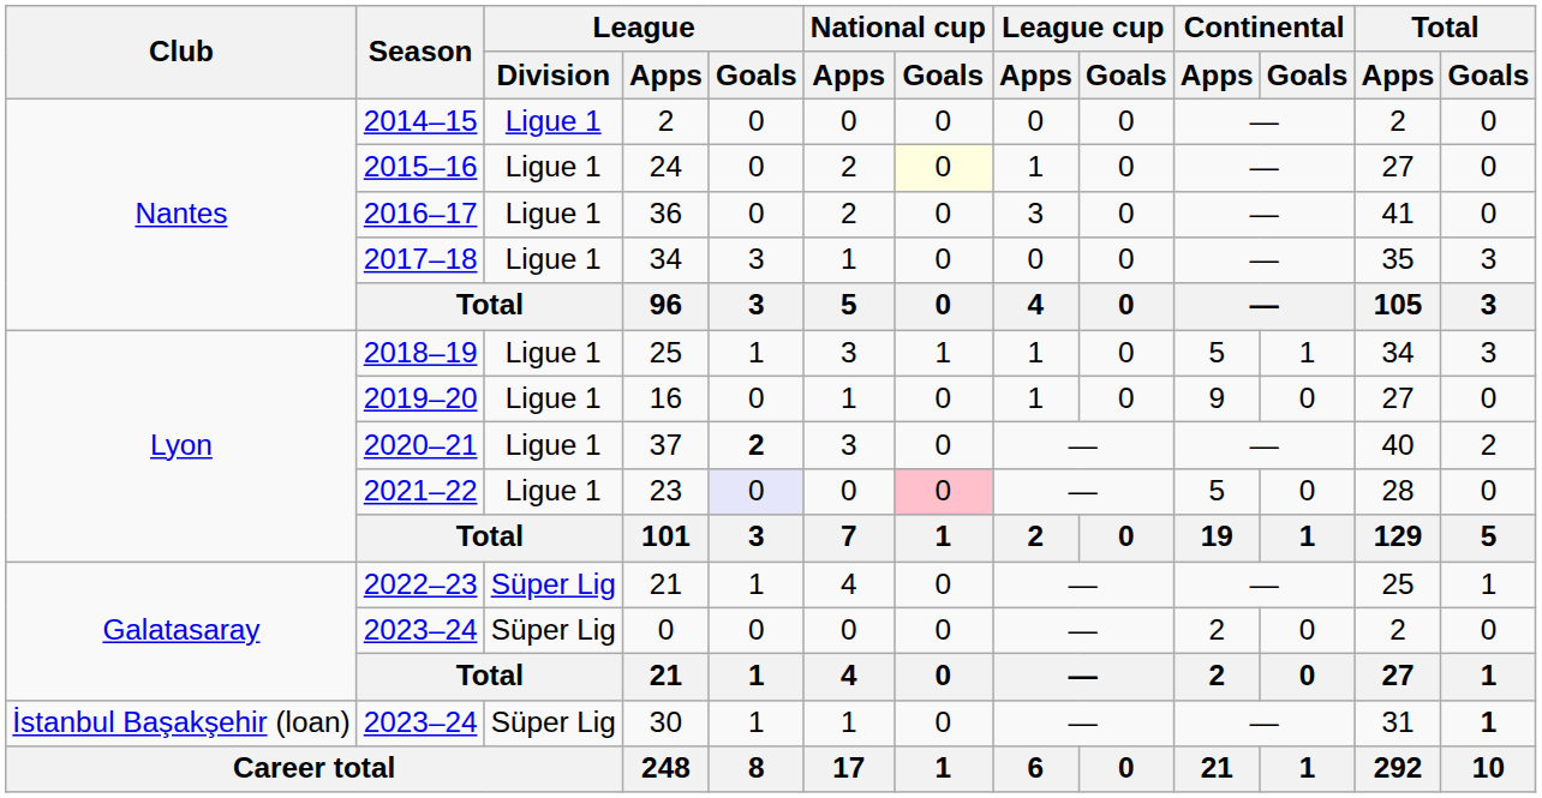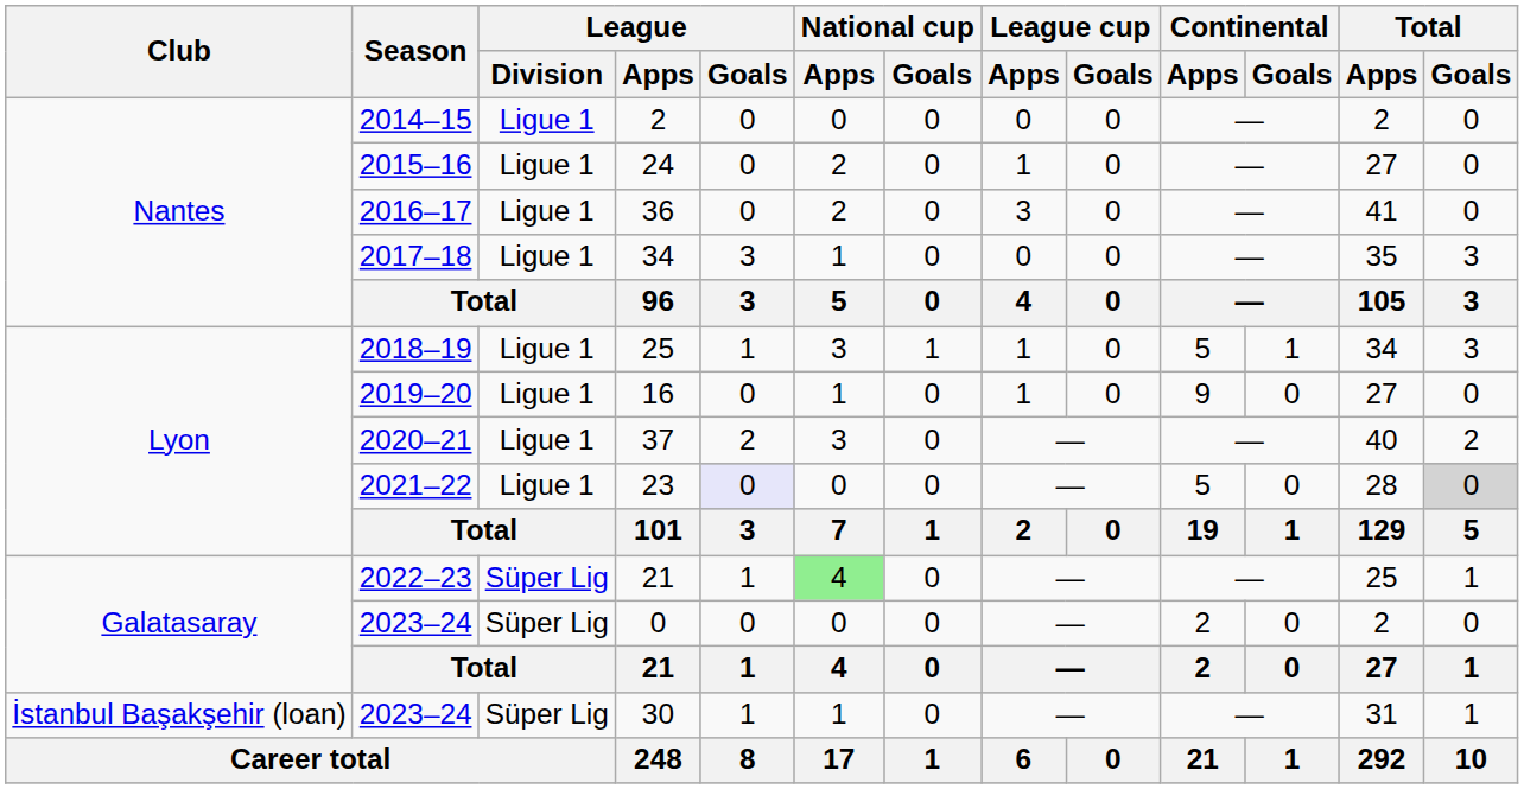 <table class="wikitable" style="text-align:center">
 <tr>
 <th rowspan="2">Club</th>
 <th rowspan="2">Season</th>
 <th colspan="3">League</th>
 <th colspan="2">National cup</th>
 <th colspan="2">League cup</th>
 <th colspan="2">Continental</th>
 <th colspan="2">Total</th>
 </tr>
 <tr>
 <th>Division</th>
 <th>Apps</th>
 <th>Goals</th>
 <th>Apps</th>
 <th>Goals</th>
 <th>Apps</th>
 <th>Goals</th>
 <th>Apps</th>
 <th>Goals</th>
 <th>Apps</th>
 <th>Goals</th>
 </tr>
 <tr>
 <td rowspan="5"><a href='#'>Nantes</a></td>
 <td><a href='#'>2014–15</a></td>
 <td><a href='#'>Ligue 1</a></td>
 <td>2</td>
 <td>0</td>
 <td>0</td>
 <td>0</td>
 <td>0</td>
 <td>0</td>
 <td colspan="2">—</td>
 <td>2</td>
 <td>0</td>
 </tr>
 <tr>
 <td><a href='#'>2015–16</a></td>
 <td>Ligue 1</td>
 <td>24</td>
 <td>0</td>
 <td>2</td>
-<td style="background: lightyellow;">0</td>
+<td>0</td>
 <td>1</td>
 <td>0</td>
 <td colspan="2">—</td>
 <td>27</td>
 <td>0</td>
 </tr>
 <tr>
 <td><a href='#'>2016–17</a></td>
 <td>Ligue 1</td>
 <td>36</td>
 <td>0</td>
 <td>2</td>
 <td>0</td>
 <td>3</td>
 <td>0</td>
 <td colspan="2">—</td>
 <td>41</td>
 <td>0</td>
 </tr>
 <tr>
 <td><a href='#'>2017–18</a></td>
 <td>Ligue 1</td>
 <td>34</td>
 <td>3</td>
 <td>1</td>
 <td>0</td>
 <td>0</td>
 <td>0</td>
 <td colspan="2">—</td>
 <td>35</td>
 <td>3</td>
 </tr>
 <tr>
 <th colspan="2">Total</th>
 <th>96</th>
 <th>3</th>
 <th>5</th>
 <th>0</th>
 <th>4</th>
 <th>0</th>
 <th colspan="2">—</th>
 <th>105</th>
 <th>3</th>
 </tr>
 <tr>
 <td rowspan="5"><a href='#'>Lyon</a></td>
 <td><a href='#'>2018–19</a></td>
 <td>Ligue 1</td>
 <td>25</td>
 <td>1</td>
 <td>3</td>
 <td>1</td>
 <td>1</td>
 <td>0</td>
 <td>5</td>
 <td>1</td>
 <td>34</td>
 <td>3</td>
 </tr>
 <tr>
 <td><a href='#'>2019–20</a></td>
 <td>Ligue 1</td>
 <td>16</td>
 <td>0</td>
 <td>1</td>
 <td>0</td>
 <td>1</td>
 <td>0</td>
 <td>9</td>
 <td>0</td>
 <td>27</td>
 <td>0</td>
 </tr>
 <tr>
 <td><a href='#'>2020–21</a></td>
 <td>Ligue 1</td>
 <td>37</td>
-<td><strong>2</strong></td>
+<td>2</td>
 <td>3</td>
 <td>0</td>
 <td colspan="2">—</td>
 <td colspan="2">—</td>
 <td>40</td>
 <td>2</td>
 </tr>
 <tr>
 <td><a href='#'>2021–22</a></td>
 <td>Ligue 1</td>
 <td>23</td>
 <td style="background: lavender;">0</td>
 <td>0</td>
-<td style="background: pink;">0</td>
+<td>0</td>
 <td colspan="2">—</td>
 <td>5</td>
 <td>0</td>
 <td>28</td>
-<td>0</td>
+<td style="background: lightgrey;">0</td>
 </tr>
 <tr>
 <th colspan="2">Total</th>
 <th>101</th>
 <th>3</th>
 <th>7</th>
 <th>1</th>
 <th>2</th>
 <th>0</th>
 <th>19</th>
 <th>1</th>
 <th>129</th>
 <th>5</th>
 </tr>
 <tr>
 <td rowspan="3"><a href='#'>Galatasaray</a></td>
 <td><a href='#'>2022–23</a></td>
 <td><a href='#'>Süper Lig</a></td>
 <td>21</td>
 <td>1</td>
-<td>4</td>
+<td style="background: lightgreen;">4</td>
 <td>0</td>
 <td colspan="2">—</td>
 <td colspan="2">—</td>
 <td>25</td>
 <td>1</td>
 </tr>
 <tr>
 <td><a href='#'>2023–24</a></td>
 <td>Süper Lig</td>
 <td>0</td>
 <td>0</td>
 <td>0</td>
 <td>0</td>
 <td colspan="2">—</td>
 <td>2</td>
 <td>0</td>
 <td>2</td>
 <td>0</td>
 </tr>
 <tr>
 <th colspan="2">Total</th>
 <th>21</th>
 <th>1</th>
 <th>4</th>
 <th>0</th>
 <th colspan="2">—</th>
 <th>2</th>
 <th>0</th>
 <th>27</th>
 <th>1</th>
 </tr>
 <tr>
 <td><a href='#'>İstanbul Başakşehir</a> (loan)</td>
 <td><a href='#'>2023–24</a></td>
 <td>Süper Lig</td>
 <td>30</td>
 <td>1</td>
 <td>1</td>
 <td>0</td>
 <td colspan="2">—</td>
 <td colspan="2">—</td>
 <td>31</td>
-<td><strong>1</strong></td>
+<td>1</td>
 </tr>
 <tr>
 <th colspan="3">Career total</th>
 <th>248</th>
 <th>8</th>
 <th>17</th>
 <th>1</th>
 <th>6</th>
 <th>0</th>
 <th>21</th>
 <th>1</th>
 <th>292</th>
 <th>10</th>
 </tr>
 </table>
